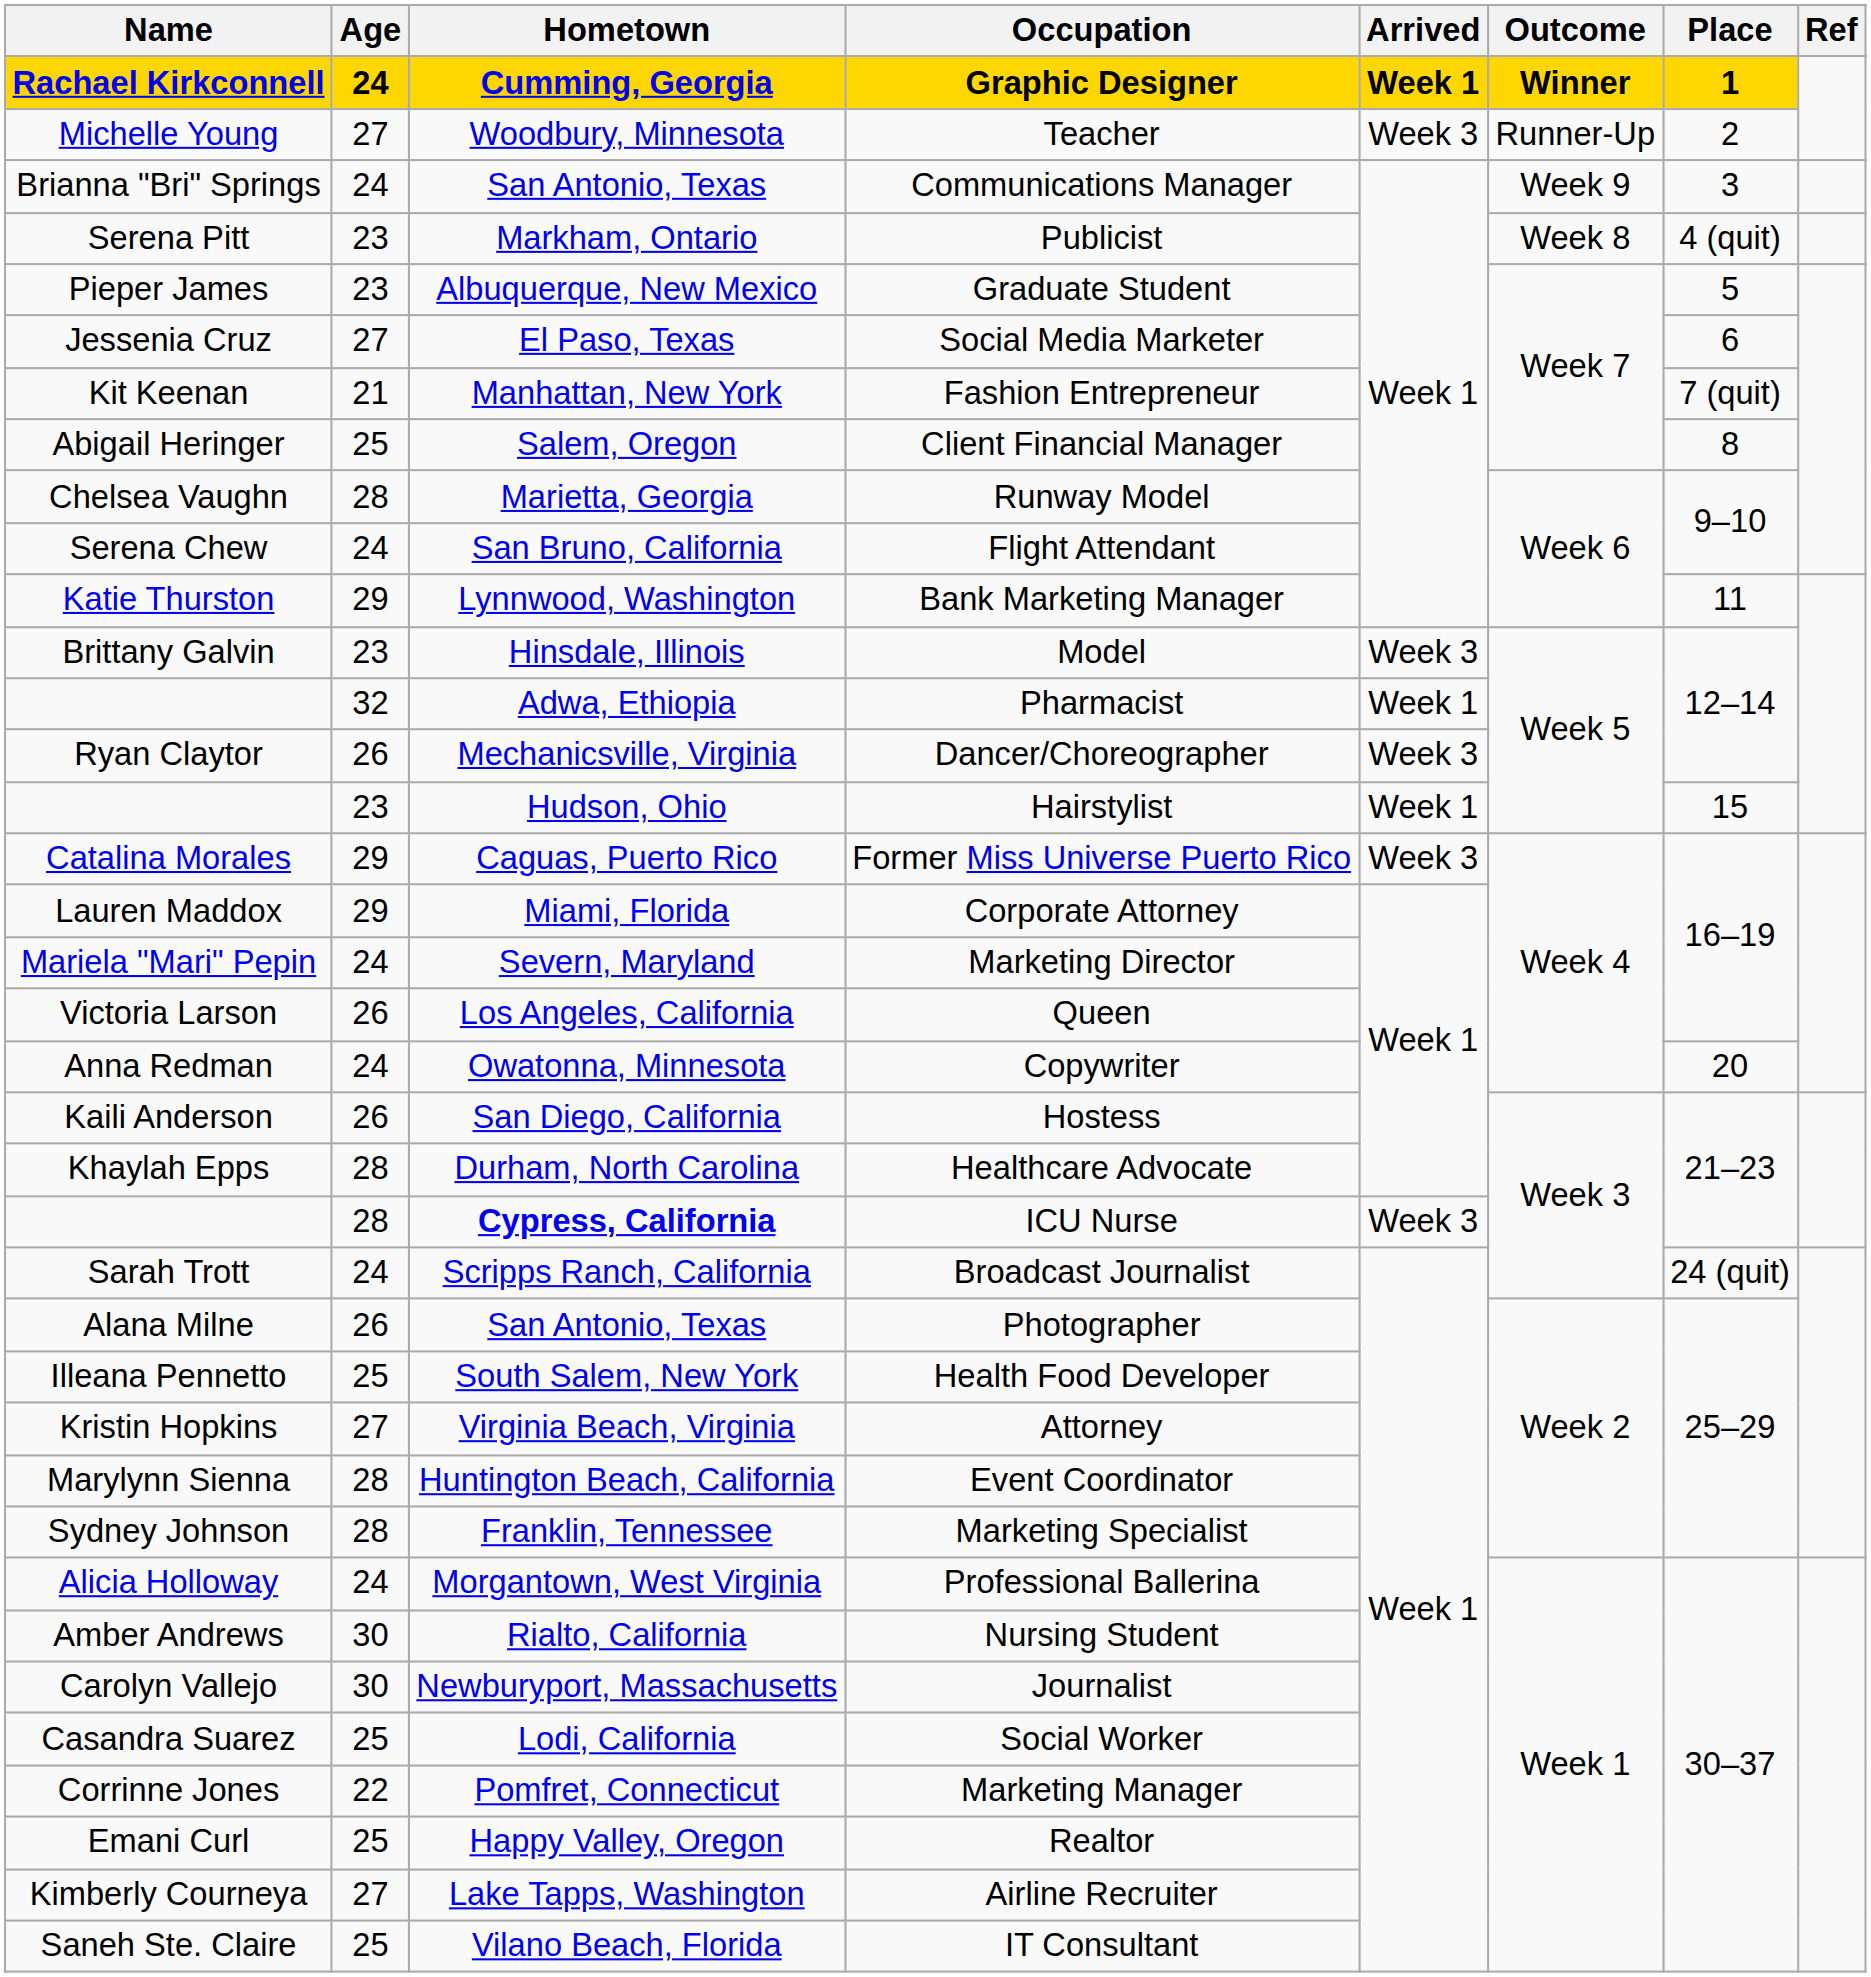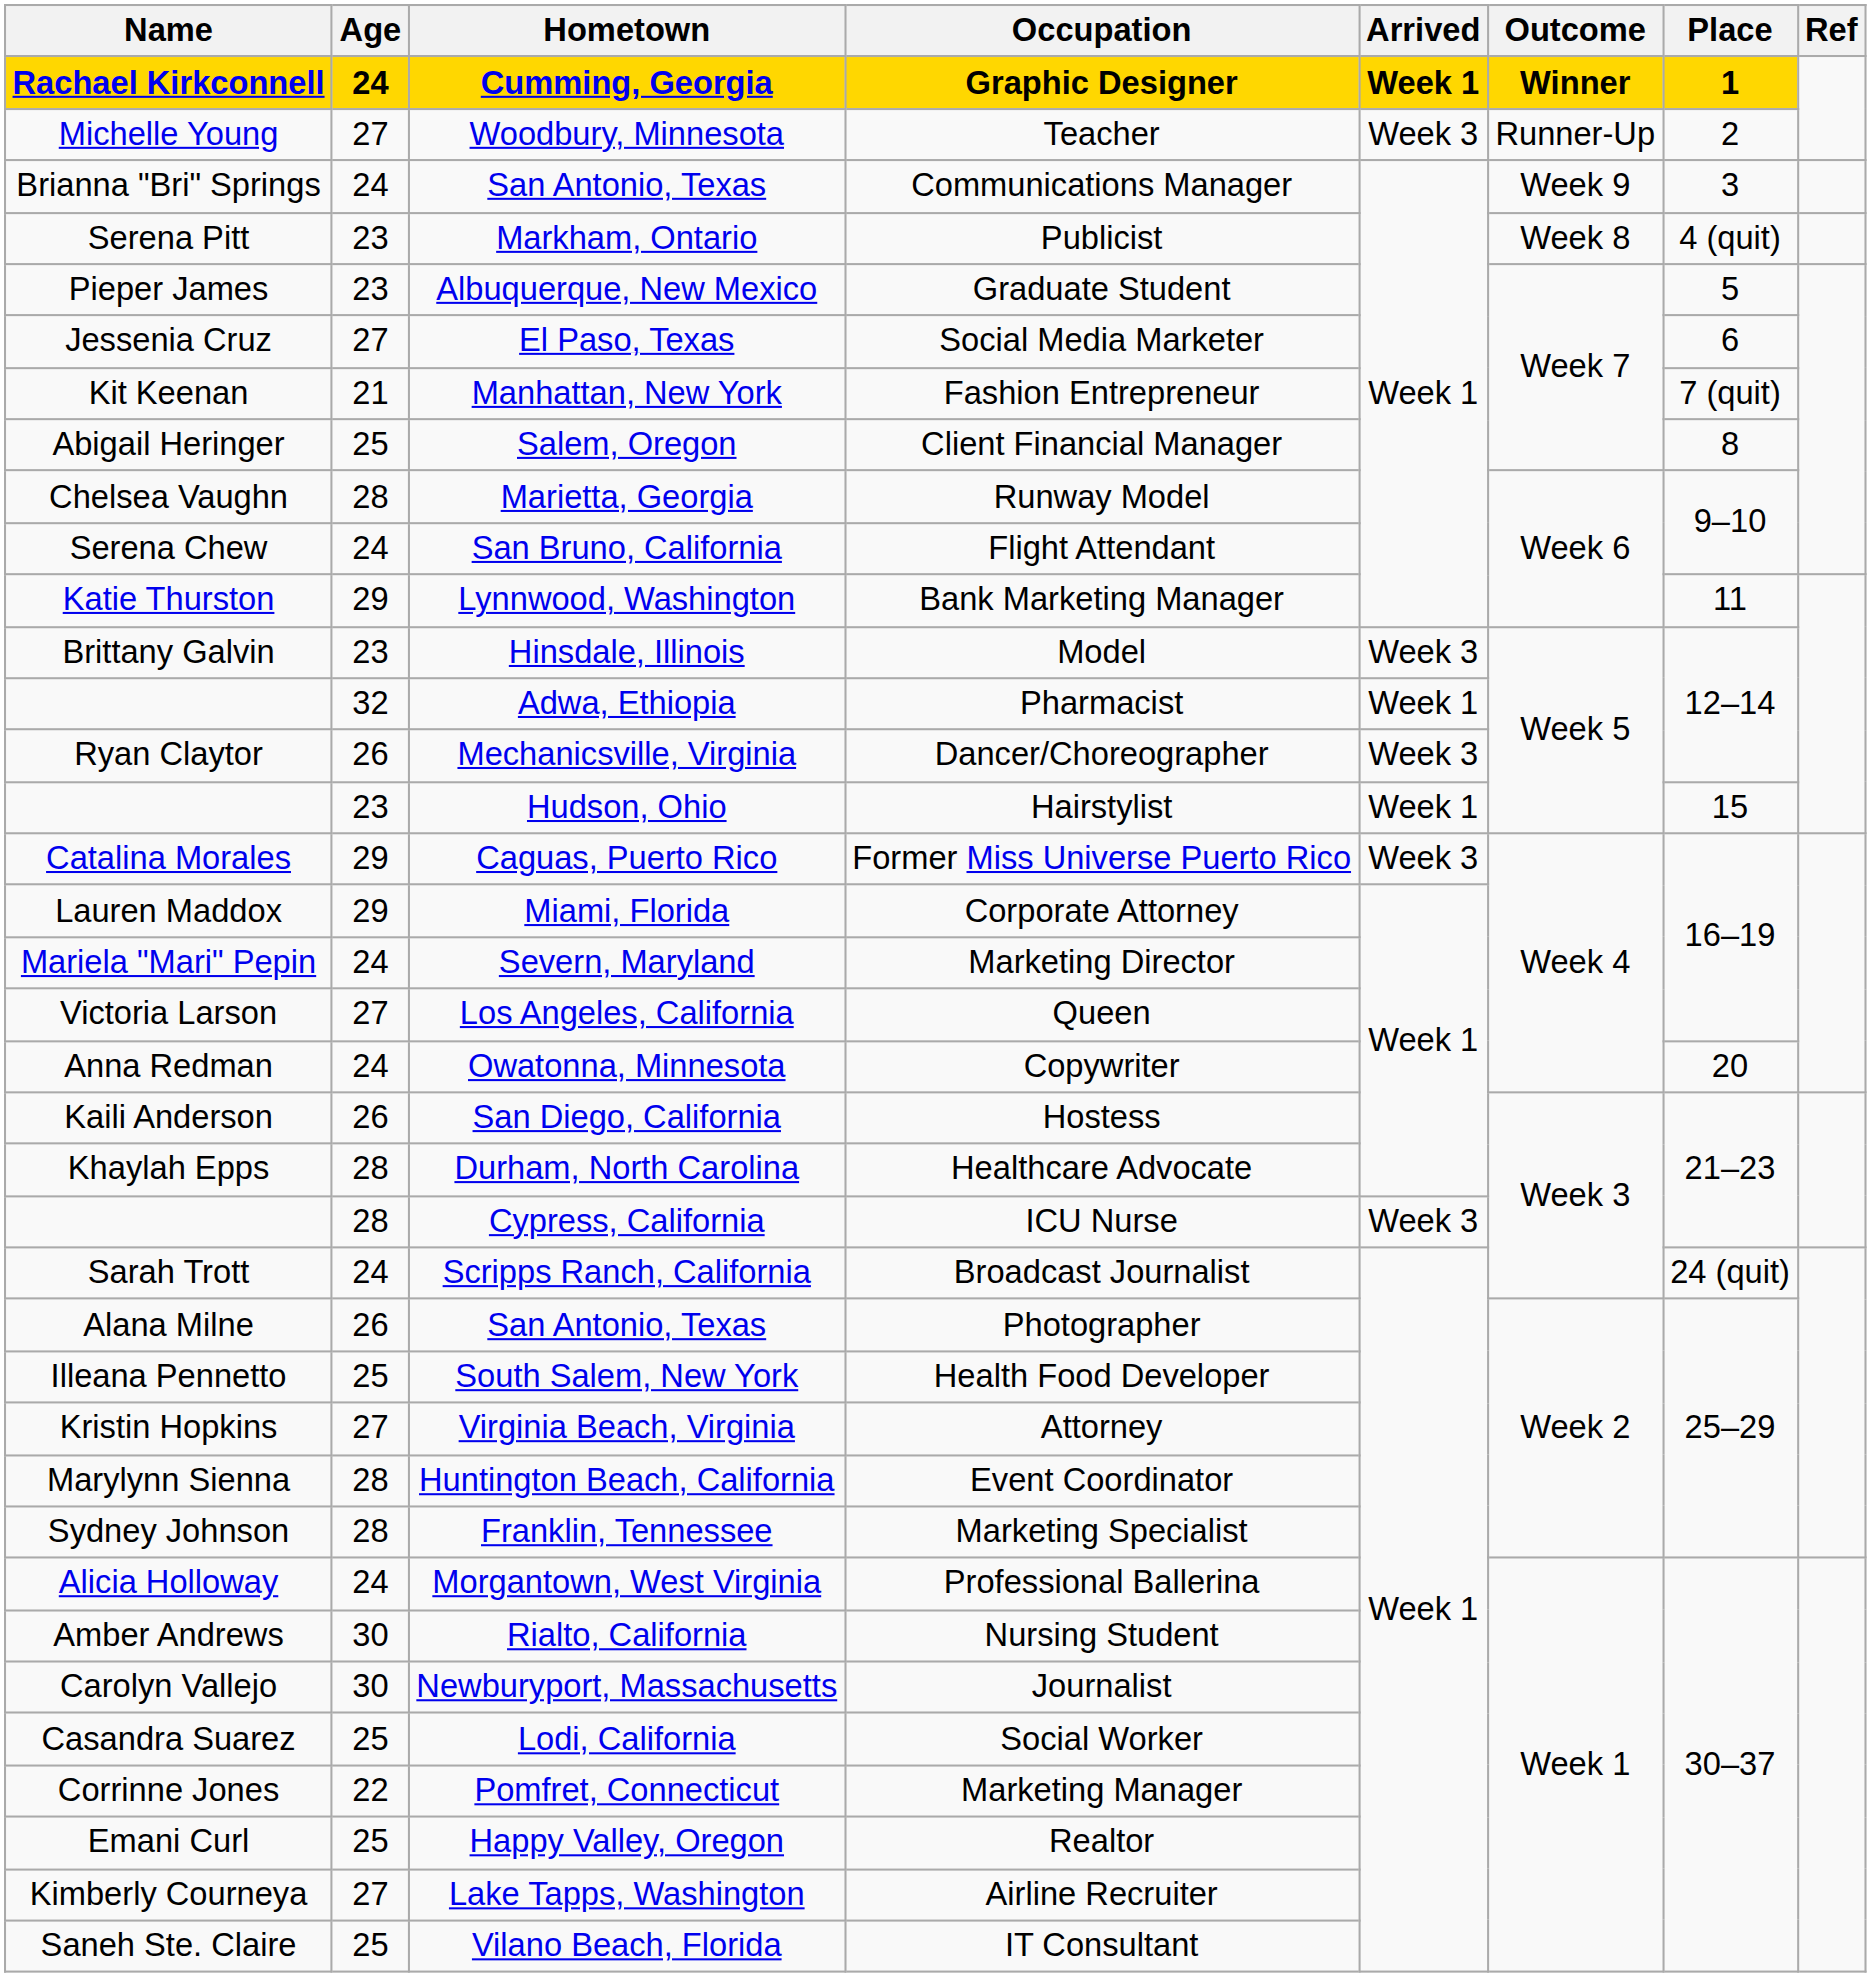 <table class="wikitable sortable" style="text-align:center;">
 <tr>
 <th>Name</th>
 <th>Age</th>
 <th>Hometown</th>
 <th>Occupation</th>
 <th>Arrived</th>
 <th>Outcome</th>
 <th>Place</th>
 <th>Ref</th>
 </tr>
 <tr>
 <td bgcolor="gold"><strong><a href='#'>Rachael Kirkconnell</a></strong></td>
 <td bgcolor="gold"><strong>24</strong></td>
 <td bgcolor="gold"><strong><a href='#'>Cumming, Georgia</a></strong></td>
 <td bgcolor="gold"><strong>Graphic Designer</strong></td>
 <td bgcolor="gold"><strong>Week 1</strong></td>
 <td bgcolor="gold"><strong>Winner</strong></td>
 <td bgcolor="gold"><strong>1</strong></td>
 <td rowspan="2"></td>
 </tr>
 <tr>
 <td><a href='#'>Michelle Young</a></td>
 <td>27</td>
 <td><a href='#'>Woodbury, Minnesota</a></td>
 <td>Teacher</td>
 <td>Week 3</td>
 <td>Runner-Up</td>
 <td>2</td>
 </tr>
 <tr>
 <td>Brianna "Bri" Springs</td>
 <td>24</td>
 <td><a href='#'>San Antonio, Texas</a></td>
 <td>Communications Manager</td>
 <td rowspan="9">Week 1</td>
 <td>Week 9</td>
 <td>3</td>
 <td></td>
 </tr>
 <tr>
 <td>Serena Pitt</td>
 <td>23</td>
 <td><a href='#'>Markham, Ontario</a></td>
 <td>Publicist</td>
 <td>Week 8</td>
 <td>4 (quit)</td>
 <td></td>
 </tr>
 <tr>
 <td>Pieper James</td>
 <td>23</td>
 <td><a href='#'>Albuquerque, New Mexico</a></td>
 <td>Graduate Student</td>
 <td rowspan="4">Week 7</td>
 <td>5</td>
 <td rowspan="6"></td>
 </tr>
 <tr>
 <td>Jessenia Cruz</td>
 <td>27</td>
 <td><a href='#'>El Paso, Texas</a></td>
 <td>Social Media Marketer</td>
 <td>6</td>
 </tr>
 <tr>
 <td>Kit Keenan</td>
 <td>21</td>
 <td><a href='#'>Manhattan, New York</a></td>
 <td>Fashion Entrepreneur</td>
 <td>7 (quit)</td>
 </tr>
 <tr>
 <td>Abigail Heringer</td>
 <td>25</td>
 <td><a href='#'>Salem, Oregon</a></td>
 <td>Client Financial Manager</td>
 <td>8</td>
 </tr>
 <tr>
 <td>Chelsea Vaughn</td>
 <td>28</td>
 <td><a href='#'>Marietta, Georgia</a></td>
 <td>Runway Model</td>
 <td rowspan="3">Week 6</td>
 <td rowspan="2">9–10</td>
 </tr>
 <tr>
 <td>Serena Chew</td>
 <td>24</td>
 <td><a href='#'>San Bruno, California</a></td>
 <td>Flight Attendant</td>
 </tr>
 <tr>
 <td><a href='#'>Katie Thurston</a></td>
 <td>29</td>
 <td><a href='#'>Lynnwood, Washington</a></td>
 <td>Bank Marketing Manager</td>
 <td>11</td>
 <td rowspan="5"></td>
 </tr>
 <tr>
 <td>Brittany Galvin</td>
 <td>23</td>
 <td><a href='#'>Hinsdale, Illinois</a></td>
 <td>Model</td>
 <td>Week 3</td>
 <td rowspan="4">Week 5</td>
 <td rowspan="3">12–14</td>
 </tr>
 <tr>
 <td></td>
 <td>32</td>
 <td><a href='#'>Adwa, Ethiopia</a></td>
 <td>Pharmacist</td>
 <td>Week 1</td>
 </tr>
 <tr>
 <td>Ryan Claytor</td>
 <td>26</td>
 <td><a href='#'>Mechanicsville, Virginia</a></td>
 <td>Dancer/Choreographer</td>
 <td>Week 3</td>
 </tr>
 <tr>
 <td></td>
 <td>23</td>
 <td><a href='#'>Hudson, Ohio</a></td>
 <td>Hairstylist</td>
 <td>Week 1</td>
 <td>15</td>
 </tr>
 <tr>
 <td><a href='#'>Catalina Morales</a></td>
 <td>29</td>
 <td><a href='#'>Caguas, Puerto Rico</a></td>
 <td>Former <a href='#'>Miss Universe Puerto Rico</a></td>
 <td>Week 3</td>
 <td rowspan=5>Week 4</td>
 <td rowspan=4>16–19</td>
 <td rowspan=5></td>
 </tr>
 <tr>
 <td>Lauren Maddox</td>
 <td>29</td>
 <td><a href='#'>Miami, Florida</a></td>
 <td>Corporate Attorney</td>
 <td rowspan="6">Week 1</td>
 </tr>
 <tr>
 <td><a href='#'>Mariela "Mari" Pepin</a></td>
 <td>24</td>
 <td><a href='#'>Severn, Maryland</a></td>
 <td>Marketing Director</td>
 </tr>
 <tr>
 <td>Victoria Larson</td>
-<td>26</td>
+<td>27</td>
 <td><a href='#'>Los Angeles, California</a></td>
 <td>Queen</td>
 </tr>
 <tr>
 <td>Anna Redman</td>
 <td>24</td>
 <td><a href='#'>Owatonna, Minnesota</a></td>
 <td>Copywriter</td>
 <td>20</td>
 </tr>
 <tr>
 <td>Kaili Anderson</td>
 <td>26</td>
 <td><a href='#'>San Diego, California</a></td>
 <td>Hostess</td>
 <td rowspan="4">Week 3</td>
 <td rowspan="3">21–23</td>
 <td rowspan="3"></td>
 </tr>
 <tr>
 <td>Khaylah Epps</td>
 <td>28</td>
 <td><a href='#'>Durham, North Carolina</a></td>
 <td>Healthcare Advocate</td>
 </tr>
 <tr>
 <td></td>
 <td>28</td>
-<td><strong><a href='#'>Cypress, California</a></strong></td>
+<td><a href='#'>Cypress, California</a></td>
 <td>ICU Nurse</td>
 <td>Week 3</td>
 </tr>
 <tr>
 <td>Sarah Trott</td>
 <td>24</td>
 <td><a href='#'>Scripps Ranch, California</a></td>
 <td>Broadcast Journalist</td>
 <td rowspan="14">Week 1</td>
 <td>24 (quit)</td>
 <td rowspan="6"></td>
 </tr>
 <tr>
 <td>Alana Milne</td>
 <td>26</td>
 <td><a href='#'>San Antonio, Texas</a></td>
 <td>Photographer</td>
 <td rowspan="5">Week 2</td>
 <td rowspan="5">25–29</td>
 </tr>
 <tr>
 <td>Illeana Pennetto</td>
 <td>25</td>
 <td><a href='#'>South Salem, New York</a></td>
 <td>Health Food Developer</td>
 </tr>
 <tr>
 <td>Kristin Hopkins</td>
 <td>27</td>
 <td><a href='#'>Virginia Beach, Virginia</a></td>
 <td>Attorney</td>
 </tr>
 <tr>
 <td>Marylynn Sienna</td>
 <td>28</td>
 <td><a href='#'>Huntington Beach, California</a></td>
 <td>Event Coordinator</td>
 </tr>
 <tr>
 <td>Sydney Johnson</td>
 <td>28</td>
 <td><a href='#'>Franklin, Tennessee</a></td>
 <td>Marketing Specialist</td>
 </tr>
 <tr>
 <td><a href='#'>Alicia Holloway</a></td>
 <td>24</td>
 <td><a href='#'>Morgantown, West Virginia</a></td>
 <td>Professional Ballerina</td>
 <td rowspan="8">Week 1</td>
 <td rowspan="8">30–37</td>
 <td rowspan="8"></td>
 </tr>
 <tr>
 <td>Amber Andrews</td>
 <td>30</td>
 <td><a href='#'>Rialto, California</a></td>
 <td>Nursing Student</td>
 </tr>
 <tr>
 <td>Carolyn Vallejo</td>
 <td>30</td>
 <td><a href='#'>Newburyport, Massachusetts</a></td>
 <td>Journalist</td>
 </tr>
 <tr>
 <td>Casandra Suarez</td>
 <td>25</td>
 <td><a href='#'>Lodi, California</a></td>
 <td>Social Worker</td>
 </tr>
 <tr>
 <td>Corrinne Jones</td>
 <td>22</td>
 <td><a href='#'>Pomfret, Connecticut</a></td>
 <td>Marketing Manager</td>
 </tr>
 <tr>
 <td>Emani Curl</td>
 <td>25</td>
 <td><a href='#'>Happy Valley, Oregon</a></td>
 <td>Realtor</td>
 </tr>
 <tr>
 <td>Kimberly Courneya</td>
 <td>27</td>
 <td><a href='#'>Lake Tapps, Washington</a></td>
 <td>Airline Recruiter</td>
 </tr>
 <tr>
 <td>Saneh Ste. Claire</td>
 <td>25</td>
 <td><a href='#'>Vilano Beach, Florida</a></td>
 <td>IT Consultant</td>
 </tr>
 </table>
